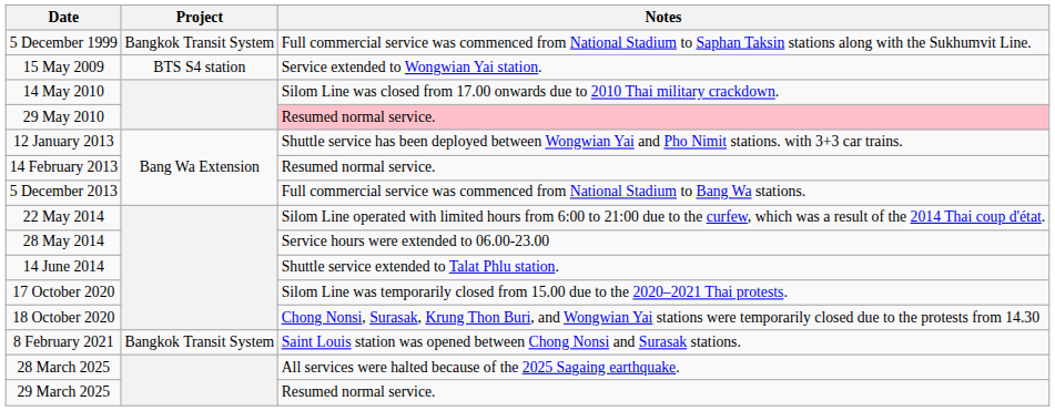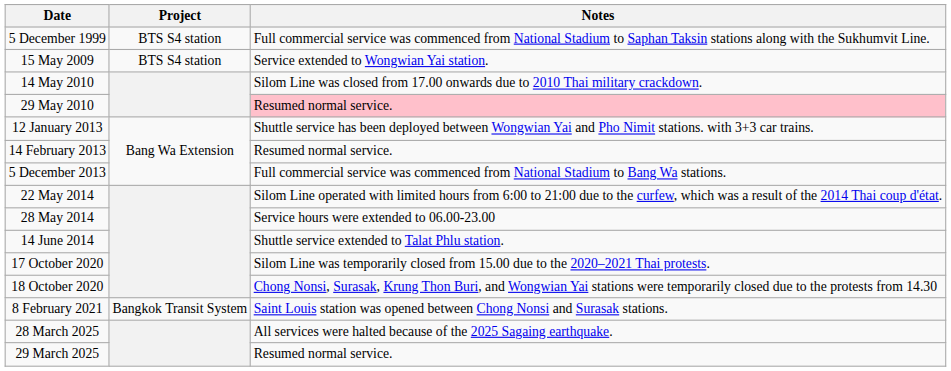 <table class="wikitable" style="margin:auto;font-align:center;text-align:center;font-size:80%;">
 <tr>
 <th style="background:#">Date</th>
 <th style="background:#">Project</th>
 <th style="background:#">Notes</th>
 </tr>
 <tr>
 <td>5 December 1999</td>
-<td>Bangkok Transit System</td>
+<td>BTS S4 station</td>
 <td align="left">Full commercial service was commenced from <a href='#'>National Stadium</a> to <a href='#'>Saphan Taksin</a> stations along with the Sukhumvit Line.</td>
 </tr>
 <tr>
 <td>15 May 2009</td>
 <td>BTS S4 station</td>
 <td align="left">Service extended to <a href='#'>Wongwian Yai station</a>.</td>
 </tr>
 <tr>
 <td>14 May 2010</td>
 <th rowspan="2"></th>
 <td align="left">Silom Line was closed from 17.00 onwards due to <a href='#'>2010 Thai military crackdown</a>.</td>
 </tr>
 <tr>
 <td>29 May 2010</td>
 <td align="left" style="background: pink;">Resumed normal service.</td>
 </tr>
 <tr>
 <td>12 January 2013</td>
 <td rowspan="3">Bang Wa Extension</td>
 <td align="left">Shuttle service has been deployed between <a href='#'>Wongwian Yai</a> and <a href='#'>Pho Nimit</a> stations. with 3+3 car trains.</td>
 </tr>
 <tr>
 <td>14 February 2013</td>
 <td align="left">Resumed normal service.</td>
 </tr>
 <tr>
 <td>5 December 2013</td>
 <td align="left">Full commercial service was commenced from <a href='#'>National Stadium</a> to <a href='#'>Bang Wa</a> stations.</td>
 </tr>
 <tr>
 <td>22 May 2014</td>
 <th rowspan="5"></th>
 <td align="left">Silom Line operated with limited hours from 6:00 to 21:00 due to the <a href='#'>curfew</a>, which was a result of the <a href='#'>2014 Thai coup d'état</a>.</td>
 </tr>
 <tr>
 <td>28 May 2014</td>
 <td align="left">Service hours were extended to 06.00-23.00</td>
 </tr>
 <tr>
 <td>14 June 2014</td>
 <td align="left">Shuttle service extended to <a href='#'>Talat Phlu station</a>.</td>
 </tr>
 <tr>
 <td>17 October 2020</td>
 <td align="left">Silom Line was temporarily closed from 15.00 due to the <a href='#'>2020–2021 Thai protests</a>.</td>
 </tr>
 <tr>
 <td>18 October 2020</td>
 <td align="left"><a href='#'>Chong Nonsi</a>, <a href='#'>Surasak</a>, <a href='#'>Krung Thon Buri</a>, and <a href='#'>Wongwian Yai</a> stations were temporarily closed due to the protests from 14.30</td>
 </tr>
 <tr>
 <td>8 February 2021</td>
 <td>Bangkok Transit System</td>
 <td align="left"><a href='#'>Saint Louis</a> station was opened between <a href='#'>Chong Nonsi</a> and <a href='#'>Surasak</a> stations.</td>
 </tr>
 <tr>
 <td>28 March 2025</td>
 <th rowspan="2"></th>
 <td align="left">All services were halted because of the <a href='#'>2025 Sagaing earthquake</a>.</td>
 </tr>
 <tr>
 <td>29 March 2025</td>
 <td align="left">Resumed normal service.</td>
 </tr>
 </table>
